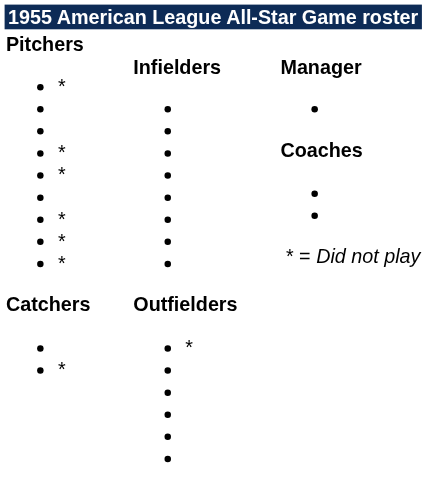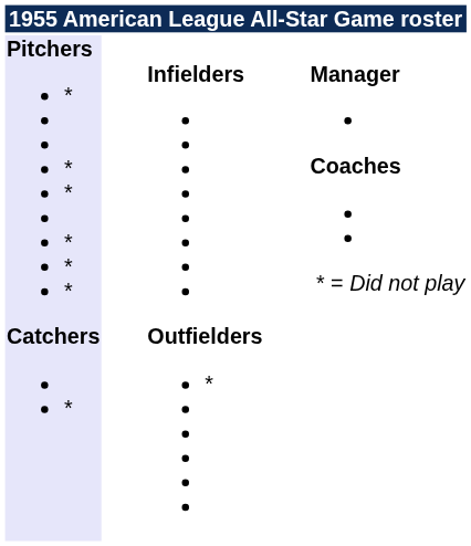 <table class="toccolours" style="font-size: 95%;">
 <tr>
 <th colspan=10 style="background:#0d2b56; color:#fff; text-align:center;">1955 American League All-Star Game roster</th>
 </tr>
 <tr>
-<td valign="top"><strong>Pitchers</strong><br><ul><li> *</li><li></li><li></li><li> *</li><li> *</li><li></li><li> *</li><li> *</li><li> *</li></ul><strong>Catchers</strong><ul><li></li><li> *</li></ul></td>
+<td valign="top" style="background: lavender;"><strong>Pitchers</strong><br><ul><li> *</li><li></li><li></li><li> *</li><li> *</li><li></li><li> *</li><li> *</li><li> *</li></ul><strong>Catchers</strong><ul><li></li><li> *</li></ul></td>
 <td style="width:25px;"></td>
 <td valign="top"><br><strong>Infielders</strong><ul><li></li><li></li><li></li><li></li><li></li><li></li><li></li><li></li></ul><strong>Outfielders</strong><ul><li> *</li><li></li><li></li><li></li><li></li><li></li></ul></td>
 <td style="width:25px;"></td>
 <td valign="top"><br><strong>Manager</strong><ul><li></li></ul><strong>Coaches</strong><ul><li></li><li></li></ul> * = <em>Did not play</em></td>
 </tr>
 </table>
